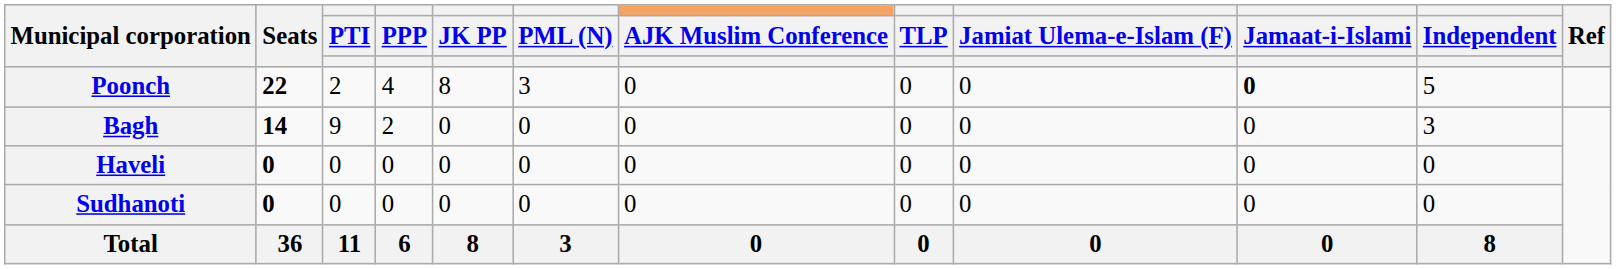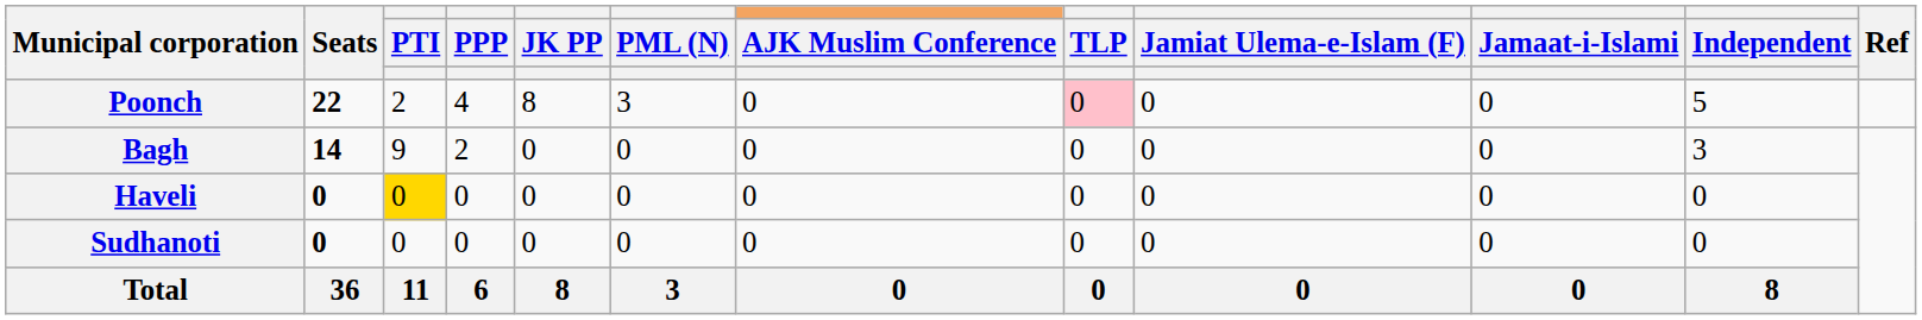 <table class="wikitable">
 <tr>
 <th rowspan="3">Municipal corporation</th>
 <th rowspan="3">Seats</th>
 <th style="background-color: "></th>
 <th style="background-color: "></th>
 <th style="background-color: "></th>
 <th style="background-color: "></th>
 <td bgcolor="#f4a460"></td>
 <th style="background-color: "></th>
 <th style="background-color: "></th>
 <th style="background-color: "></th>
 <th style="background-color: "></th>
 <th rowspan="3">Ref</th>
 </tr>
 <tr>
 <th><a href='#'>PTI</a></th>
 <th><a href='#'>PPP</a></th>
 <th><a href='#'>JK PP</a></th>
 <th><a href='#'>PML (N)</a></th>
 <th><a href='#'>AJK Muslim Conference</a></th>
 <th><a href='#'>TLP</a></th>
 <th><a href='#'>Jamiat Ulema-e-Islam (F)</a></th>
 <th><a href='#'>Jamaat-i-Islami</a></th>
 <th><a href='#'>Independent</a></th>
 </tr>
 <tr>
 <th></th>
 <th></th>
 <th></th>
 <th></th>
 <th></th>
 <th></th>
 <th></th>
 <th></th>
 <th></th>
 </tr>
 <tr>
 <th><a href='#'>Poonch</a></th>
 <td><strong>22</strong></td>
 <td>2</td>
 <td>4</td>
 <td>8</td>
 <td>3</td>
 <td>0</td>
+<td style="background: pink;">0</td>
 <td>0</td>
 <td>0</td>
-<td><strong>0</strong></td>
 <td>5</td>
 <td></td>
 </tr>
 <tr>
 <th><a href='#'>Bagh</a></th>
 <td><strong>14</strong></td>
 <td>9</td>
 <td>2</td>
 <td>0</td>
 <td>0</td>
 <td>0</td>
 <td>0</td>
 <td>0</td>
 <td>0</td>
 <td>3</td>
 <td rowspan="4"></td>
 </tr>
 <tr>
 <th><a href='#'>Haveli</a></th>
 <td><strong>0</strong></td>
-<td>0</td>
+<td style="background: gold;">0</td>
 <td>0</td>
 <td>0</td>
 <td>0</td>
 <td>0</td>
 <td>0</td>
 <td>0</td>
 <td>0</td>
 <td>0</td>
 </tr>
 <tr>
 <th><a href='#'>Sudhanoti</a></th>
 <td><strong>0</strong></td>
 <td>0</td>
 <td>0</td>
 <td>0</td>
 <td>0</td>
 <td>0</td>
 <td>0</td>
 <td>0</td>
 <td>0</td>
 <td>0</td>
 </tr>
 <tr>
 <th><strong>Total</strong></th>
 <th>36</th>
 <th>11</th>
 <th>6</th>
 <th>8</th>
 <th>3</th>
 <th>0</th>
 <th>0</th>
 <th>0</th>
 <th>0</th>
 <th>8</th>
 </tr>
 </table>
